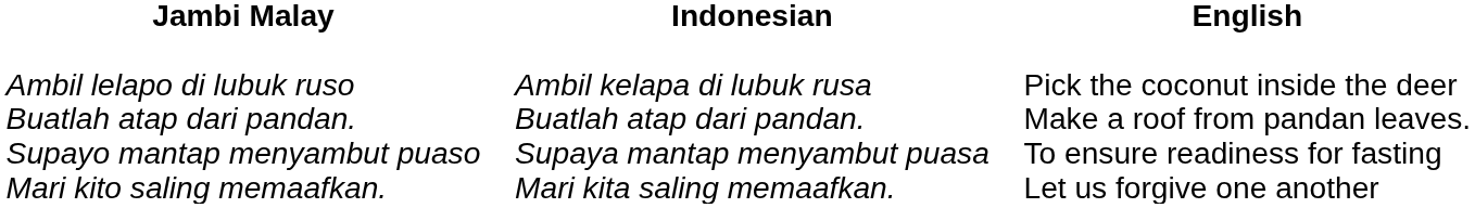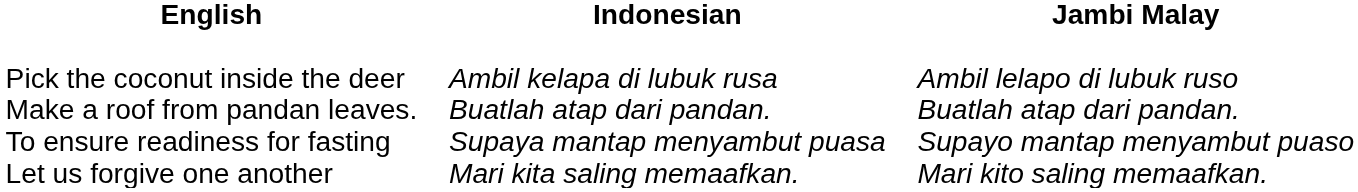 <table cellpadding="8">
 <tr>
+<th>English</th>
+<th>Indonesian</th>
 <th>Jambi Malay</th>
-<th>Indonesian</th>
-<th>English</th>
 </tr>
 <tr style="vertical-align:top; white-space:nowrap;">
+<td>Pick the coconut inside the deer<br>Make a roof from pandan leaves.<br>To ensure readiness for fasting<br>Let us forgive one another</td>
+<td><em>Ambil kelapa di lubuk rusa</em><br><em>Buatlah atap dari pandan.</em><br><em>Supaya mantap menyambut puasa</em><br><em>Mari kita saling memaafkan.</em></td>
 <td><em>Ambil lelapo di lubuk ruso</em><br><em>Buatlah atap dari pandan.</em><br><em>Supayo mantap menyambut puaso</em><br><em>Mari kito saling memaafkan.</em></td>
-<td><em>Ambil kelapa di lubuk rusa</em><br><em>Buatlah atap dari pandan.</em><br><em>Supaya mantap menyambut puasa</em><br><em>Mari kita saling memaafkan.</em></td>
-<td>Pick the coconut inside the deer<br>Make a roof from pandan leaves.<br>To ensure readiness for fasting<br>Let us forgive one another</td>
 </tr>
 </table>
